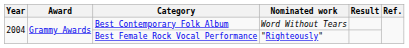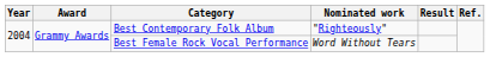 <table class="wikitable">
 <tr>
 <th scope="col">Year</th>
 <th scope="col">Award</th>
 <th scope="col">Category</th>
 <th scope="col">Nominated work</th>
 <th scope="col">Result</th>
 <th scope="col">Ref.</th>
 </tr>
 <tr>
 <td rowspan="2">2004</td>
 <td rowspan="2"><a href='#'>Grammy Awards</a></td>
 <td><a href='#'>Best Contemporary Folk Album</a></td>
-<td><em>Word Without Tears</em></td>
+<td>"<a href='#'>Righteously</a>"</td>
 <td></td>
 <td rowspan="3" align="center"></td>
 </tr>
 <tr>
 <td><a href='#'>Best Female Rock Vocal Performance</a></td>
-<td>"<a href='#'>Righteously</a>"</td>
+<td><em>Word Without Tears</em></td>
 <td></td>
 </tr>
 </table>
